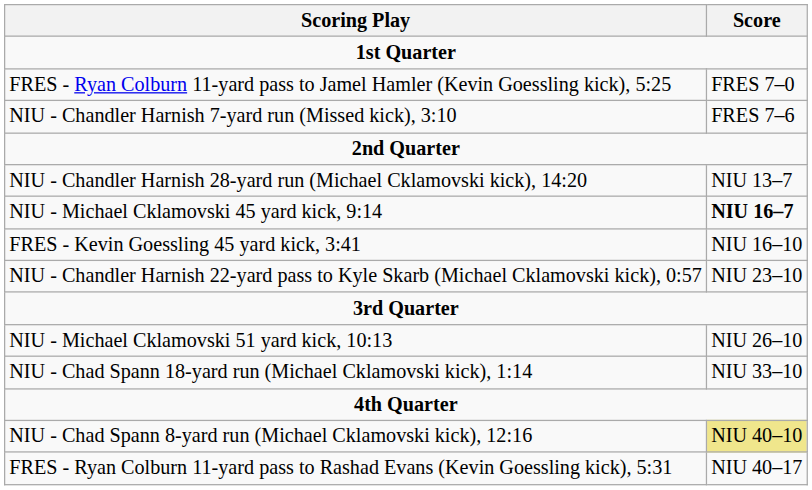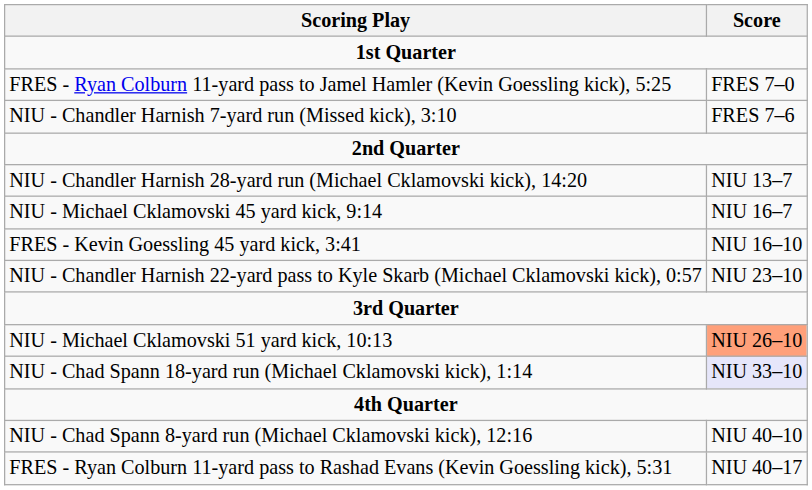 <table class="wikitable">
 <tr>
 <th>Scoring Play</th>
 <th>Score</th>
 </tr>
 <tr>
 <td colspan="4" align="center"><strong>1st Quarter</strong></td>
 </tr>
 <tr>
 <td>FRES - <a href='#'>Ryan Colburn</a> 11-yard pass to Jamel Hamler (Kevin Goessling kick), 5:25</td>
 <td>FRES 7–0</td>
 </tr>
 <tr>
 <td>NIU - Chandler Harnish 7-yard run (Missed kick), 3:10</td>
 <td>FRES 7–6</td>
 </tr>
 <tr>
 <td colspan="4" align="center"><strong>2nd Quarter</strong></td>
 </tr>
 <tr>
 <td>NIU - Chandler Harnish 28-yard run (Michael Cklamovski kick), 14:20</td>
 <td>NIU 13–7</td>
 </tr>
 <tr>
 <td>NIU - Michael Cklamovski 45 yard kick, 9:14</td>
-<td><strong>NIU 16–7</strong></td>
+<td>NIU 16–7</td>
 </tr>
 <tr>
 <td>FRES - Kevin Goessling 45 yard kick, 3:41</td>
 <td>NIU 16–10</td>
 </tr>
 <tr>
 <td>NIU - Chandler Harnish 22-yard pass to Kyle Skarb (Michael Cklamovski kick), 0:57</td>
 <td>NIU 23–10</td>
 </tr>
 <tr>
 <td colspan="4" align="center"><strong>3rd Quarter</strong></td>
 </tr>
 <tr>
 <td>NIU - Michael Cklamovski 51 yard kick, 10:13</td>
-<td>NIU 26–10</td>
+<td style="background: lightsalmon;">NIU 26–10</td>
 </tr>
 <tr>
 <td>NIU - Chad Spann 18-yard run (Michael Cklamovski kick), 1:14</td>
-<td>NIU 33–10</td>
+<td style="background: lavender;">NIU 33–10</td>
 </tr>
 <tr>
 <td colspan="4" align="center"><strong>4th Quarter</strong></td>
 </tr>
 <tr>
 <td>NIU - Chad Spann 8-yard run (Michael Cklamovski kick), 12:16</td>
-<td style="background: khaki;">NIU 40–10</td>
+<td>NIU 40–10</td>
 </tr>
 <tr>
 <td>FRES - Ryan Colburn 11-yard pass to Rashad Evans (Kevin Goessling kick), 5:31</td>
 <td>NIU 40–17</td>
 </tr>
 </table>
